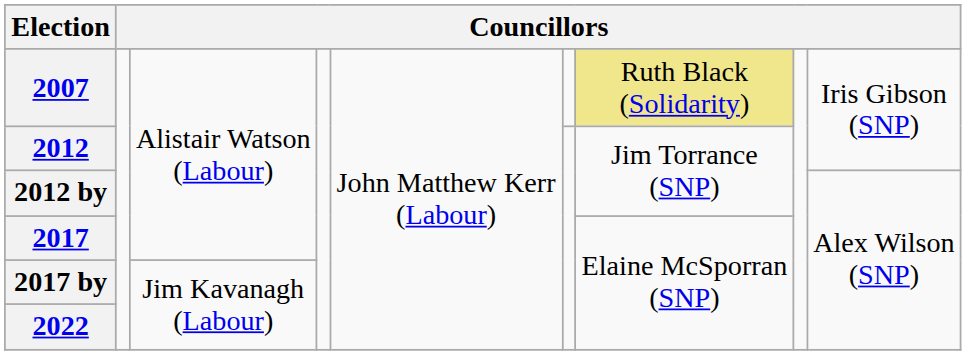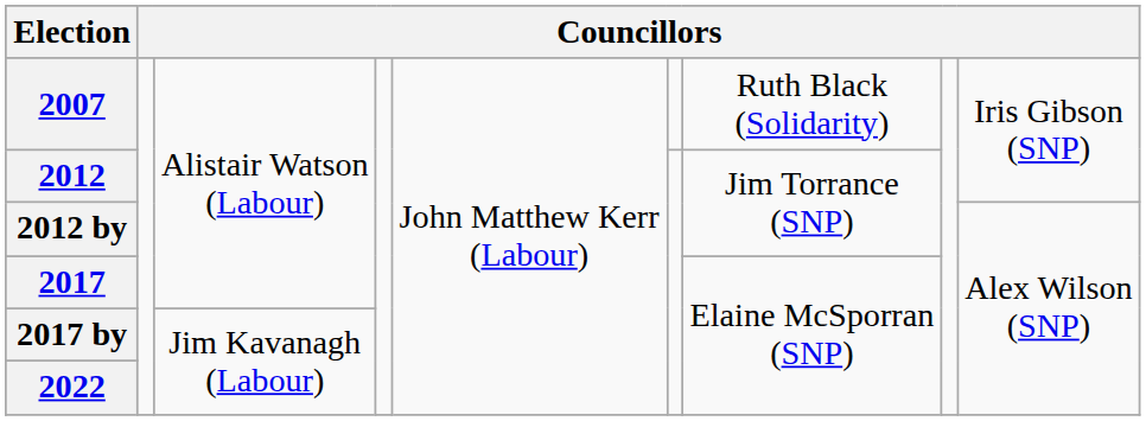 <table class="wikitable" style="text-align:center">
 <tr>
 <th>Election</th>
 <th colspan=8>Councillors</th>
 </tr>
 <tr>
 <th><a href='#'>2007</a></th>
 <td rowspan=6; style="background-color: "></td>
 <td rowspan=4>Alistair Watson<br>(<a href='#'>Labour</a>)</td>
 <td rowspan=6; style="background-color: "></td>
 <td rowspan=6>John Matthew Kerr<br>(<a href='#'>Labour</a>)</td>
 <td rowspan=1; style="background-color: "></td>
-<td rowspan=1 style="background: khaki;">Ruth Black<br>(<a href='#'>Solidarity</a>)</td>
+<td rowspan=1>Ruth Black<br>(<a href='#'>Solidarity</a>)</td>
 <td rowspan=6; style="background-color: "></td>
 <td rowspan=2>Iris Gibson<br>(<a href='#'>SNP</a>)</td>
 </tr>
 <tr>
 <th><a href='#'>2012</a></th>
 <td rowspan=5; style="background-color: "></td>
 <td rowspan=2>Jim Torrance<br>(<a href='#'>SNP</a>)</td>
 </tr>
 <tr>
 <th>2012 by</th>
 <td rowspan=4>Alex Wilson<br>(<a href='#'>SNP</a>)</td>
 </tr>
 <tr>
 <th><a href='#'>2017</a></th>
 <td rowspan=3>Elaine McSporran<br>(<a href='#'>SNP</a>)</td>
 </tr>
 <tr>
 <th>2017 by</th>
 <td rowspan=2>Jim Kavanagh<br>(<a href='#'>Labour</a>)</td>
 </tr>
 <tr>
 <th><a href='#'>2022</a></th>
 </tr>
 </table>
